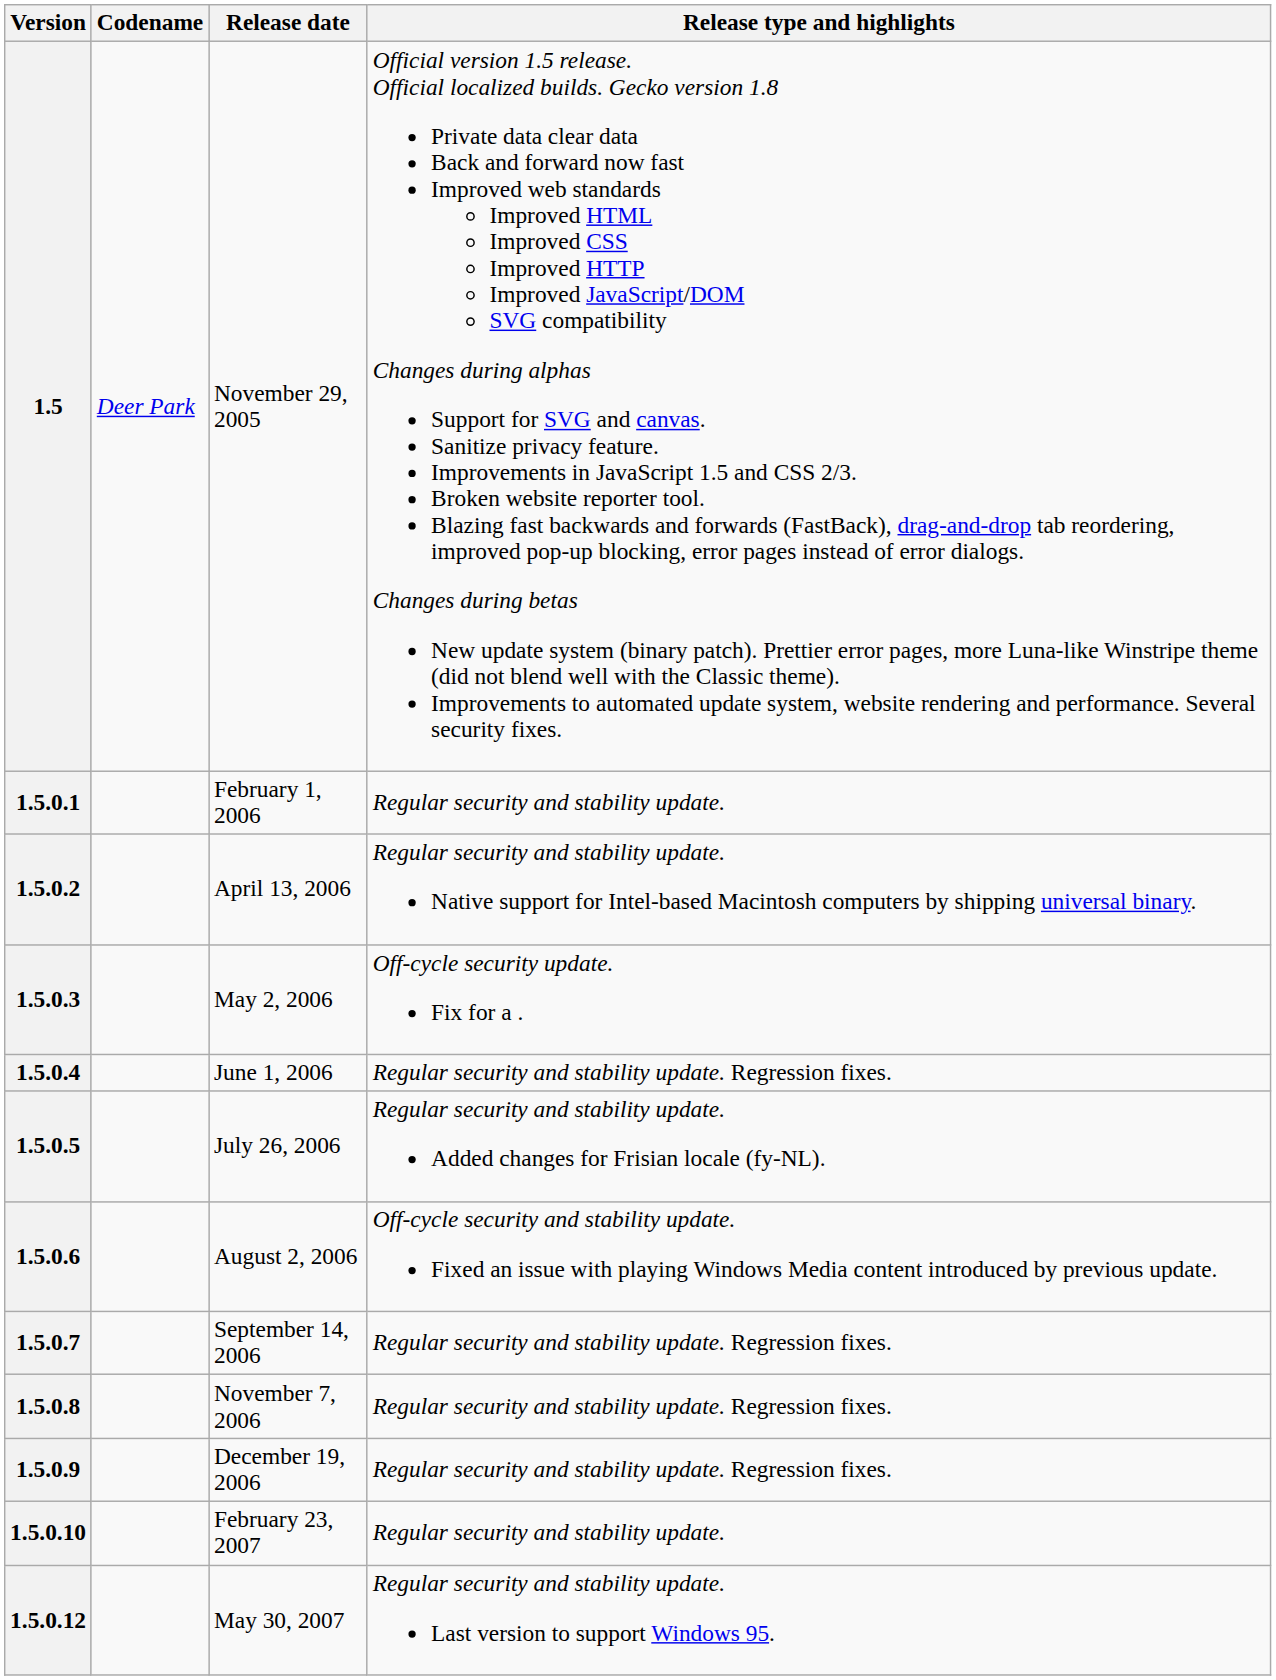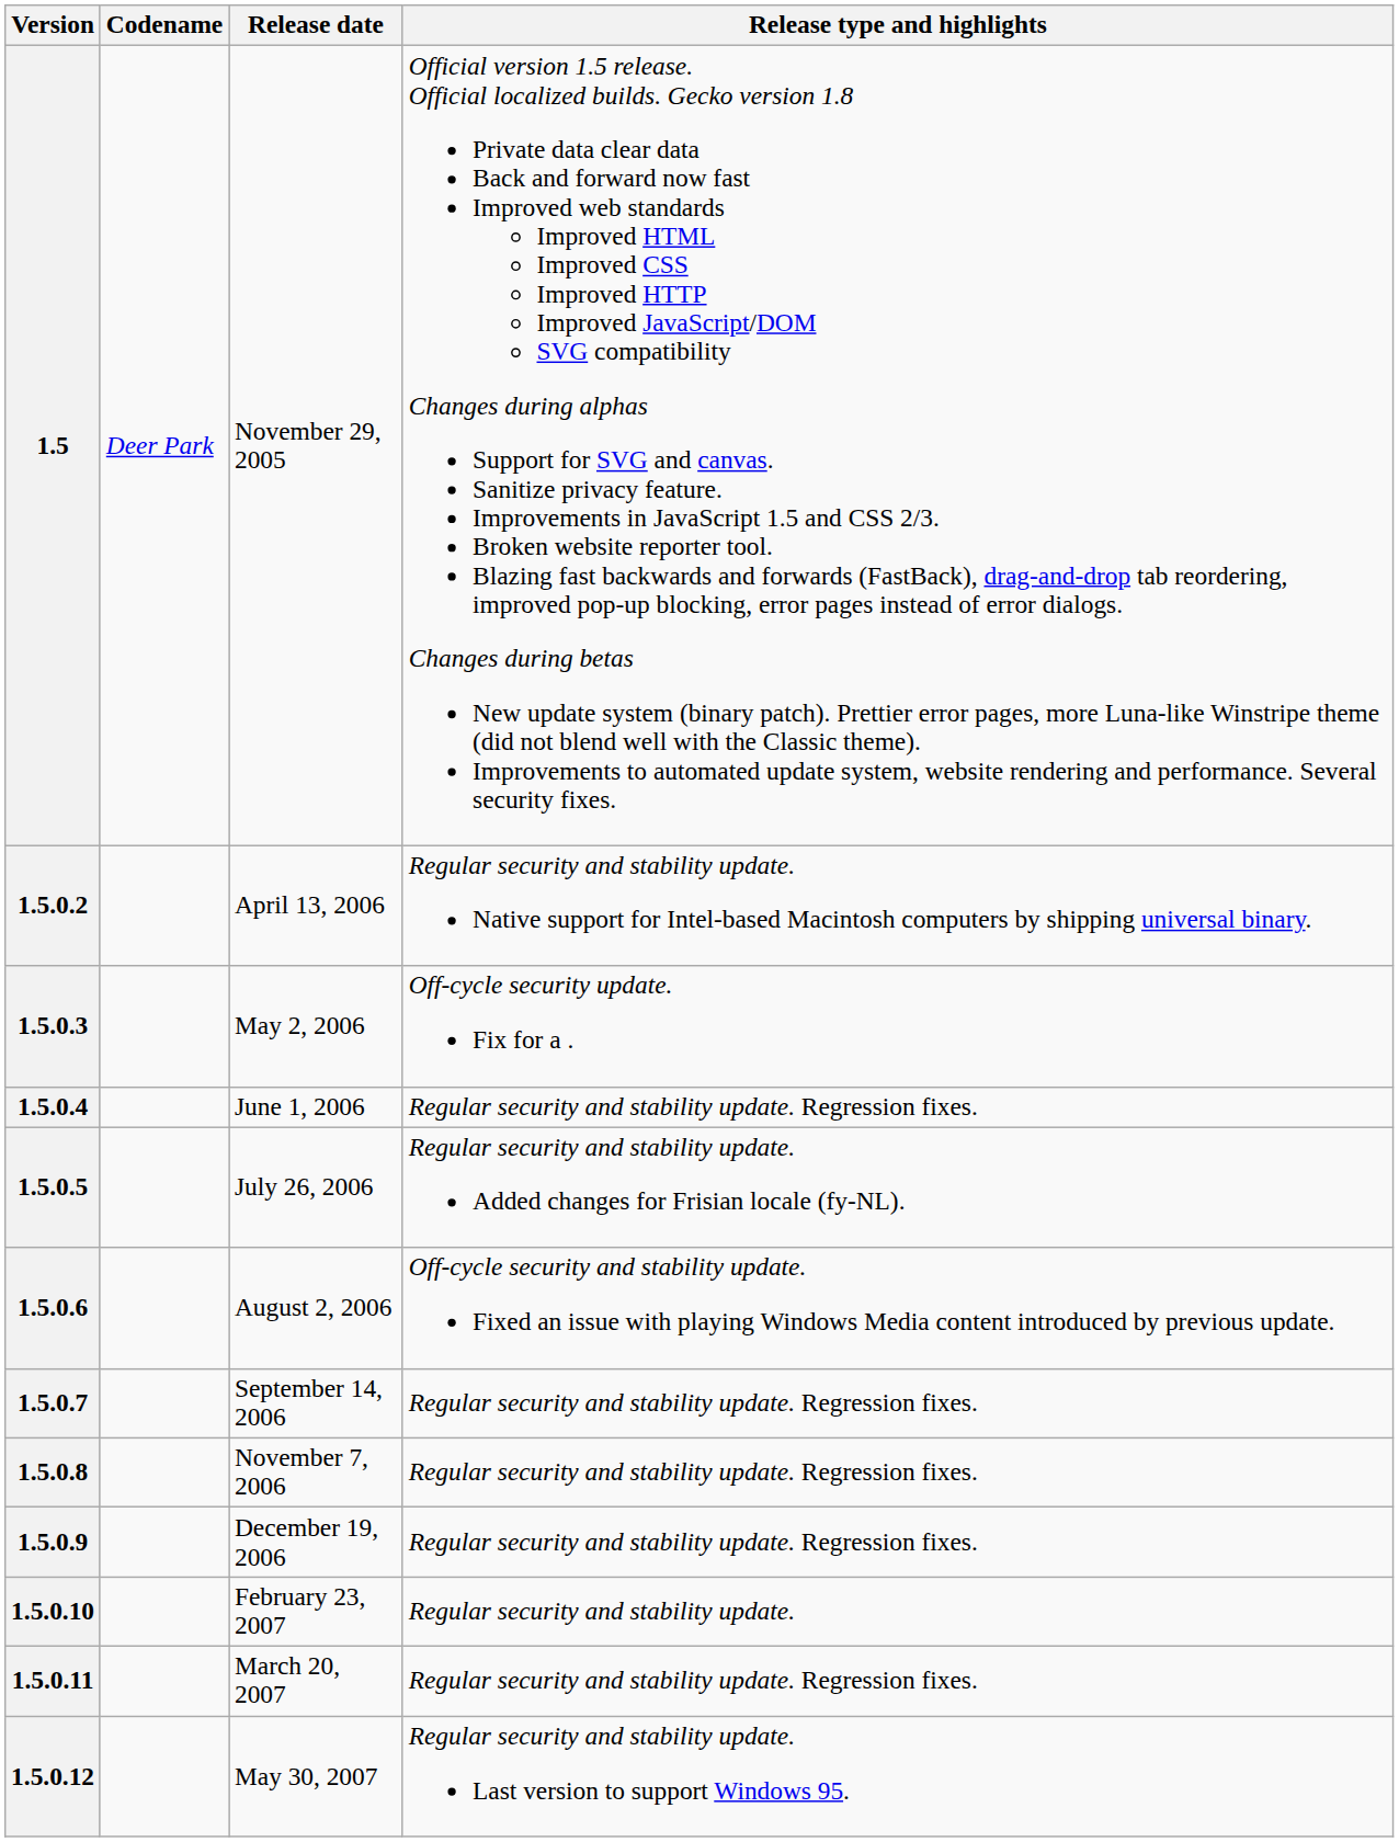 <table class="wikitable mw-collapsible">
 <tr>
 <th scope="col">Version</th>
 <th scope="col">Codename</th>
 <th scope="col">Release date</th>
 <th scope="col">Release type and highlights</th>
 </tr>
 <tr>
 <th scope="row">1.5</th>
 <td><em><a href='#'>Deer Park</a></em></td>
 <td>November 29, 2005</td>
 <td><em>Official version 1.5 release.</em><br><em>Official localized builds.</em> <em>Gecko version 1.8</em><ul><li>Private data clear data</li><li>Back and forward now fast</li><li>Improved web standards<ul><li>Improved <a href='#'>HTML</a></li><li>Improved <a href='#'>CSS</a></li><li>Improved <a href='#'>HTTP</a></li><li>Improved <a href='#'>JavaScript</a>/<a href='#'>DOM</a></li><li><a href='#'>SVG</a> compatibility</li></ul></li></ul><em>Changes during alphas</em><ul><li>Support for <a href='#'>SVG</a> and <a href='#'>canvas</a>.</li><li>Sanitize privacy feature.</li><li>Improvements in JavaScript 1.5 and CSS 2/3.</li><li>Broken website reporter tool.</li><li>Blazing fast backwards and forwards (FastBack), <a href='#'>drag-and-drop</a> tab reordering, improved pop-up blocking, error pages instead of error dialogs.</li></ul><em>Changes during betas</em><ul><li>New update system (binary patch). Prettier error pages, more Luna-like Winstripe theme (did not blend well with the Classic theme).</li><li>Improvements to automated update system, website rendering and performance. Several security fixes.</li></ul></td>
-</tr>
-<tr>
-<th scope="row">1.5.0.1</th>
-<td></td>
-<td>February 1, 2006</td>
-<td><em>Regular security and stability update.</em></td>
 </tr>
 <tr>
 <th scope="row">1.5.0.2</th>
 <td></td>
 <td>April 13, 2006</td>
 <td><em>Regular security and stability update.</em><br><ul><li>Native support for Intel-based Macintosh computers by shipping <a href='#'>universal binary</a>.</li></ul></td>
 </tr>
 <tr>
 <th scope="row">1.5.0.3</th>
 <td></td>
 <td>May 2, 2006</td>
 <td><em>Off-cycle security update.</em><br><ul><li>Fix for a .</li></ul></td>
 </tr>
 <tr>
 <th scope="row">1.5.0.4</th>
 <td></td>
 <td>June 1, 2006</td>
 <td><em>Regular security and stability update.</em> Regression fixes.</td>
 </tr>
 <tr>
 <th scope="row">1.5.0.5</th>
 <td></td>
 <td>July 26, 2006</td>
 <td><em>Regular security and stability update.</em><br><ul><li>Added changes for Frisian locale (fy-NL).</li></ul></td>
 </tr>
 <tr>
 <th scope="row">1.5.0.6</th>
 <td></td>
 <td>August 2, 2006</td>
 <td><em>Off-cycle security and stability update.</em><br><ul><li>Fixed an issue with playing Windows Media content introduced by previous update.</li></ul></td>
 </tr>
 <tr>
 <th scope="row">1.5.0.7</th>
 <td></td>
 <td>September 14, 2006</td>
 <td><em>Regular security and stability update.</em> Regression fixes.</td>
 </tr>
 <tr>
 <th scope="row">1.5.0.8</th>
 <td></td>
 <td>November 7, 2006</td>
 <td><em>Regular security and stability update.</em> Regression fixes.</td>
 </tr>
 <tr>
 <th scope="row">1.5.0.9</th>
 <td></td>
 <td>December 19, 2006</td>
 <td><em>Regular security and stability update.</em> Regression fixes.</td>
 </tr>
 <tr>
 <th scope="row">1.5.0.10</th>
 <td></td>
 <td>February 23, 2007</td>
 <td><em>Regular security and stability update.</em></td>
 </tr>
 <tr>
+<th scope="row">1.5.0.11</th>
+<td></td>
+<td>March 20, 2007</td>
+<td><em>Regular security and stability update.</em> Regression fixes.</td>
+</tr>
+<tr>
 <th scope="row">1.5.0.12</th>
 <td></td>
 <td>May 30, 2007</td>
 <td><em>Regular security and stability update.</em> <br><ul><li>Last version to support <a href='#'>Windows 95</a>.</li></ul></td>
 </tr>
 </table>
